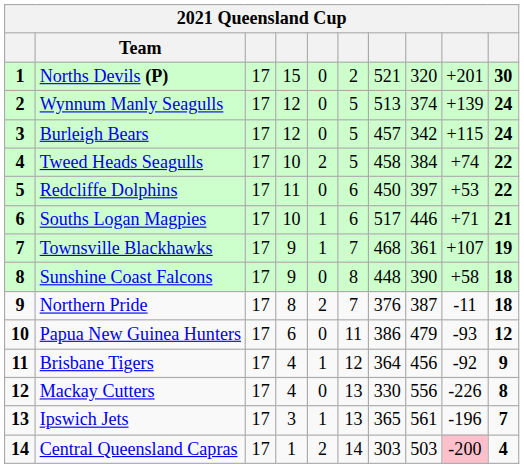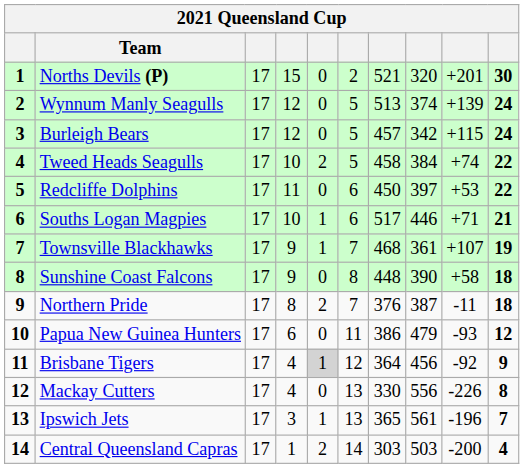 <table class="wikitable" style="text-align:center;">
 <tr>
 <th colspan="11">2021 Queensland Cup</th>
 </tr>
 <tr>
 <th width="20"></th>
 <th>Team</th>
 <th width="20"></th>
 <th width="20"></th>
 <th width="20"></th>
 <th width="20"></th>
 <th width="25"></th>
 <th width="25"></th>
 <th width="30"></th>
 <th width="20"></th>
 </tr>
 <tr style="background: #ccffcc;">
 <td><strong>1</strong></td>
 <td style="text-align:left;"> <a href='#'>Norths Devils</a> <strong>(P)</strong></td>
 <td>17</td>
 <td>15</td>
 <td>0</td>
 <td>2</td>
 <td>521</td>
 <td>320</td>
 <td>+201</td>
 <td><strong>30</strong></td>
 </tr>
 <tr style="background: #ccffcc;">
 <td><strong>2</strong></td>
 <td style="text-align:left;"> <a href='#'>Wynnum Manly Seagulls</a></td>
 <td>17</td>
 <td>12</td>
 <td>0</td>
 <td>5</td>
 <td>513</td>
 <td>374</td>
 <td>+139</td>
 <td><strong>24</strong></td>
 </tr>
 <tr style="background: #ccffcc;">
 <td><strong>3</strong></td>
 <td style="text-align:left;"> <a href='#'>Burleigh Bears</a></td>
 <td>17</td>
 <td>12</td>
 <td>0</td>
 <td>5</td>
 <td>457</td>
 <td>342</td>
 <td>+115</td>
 <td><strong>24</strong></td>
 </tr>
 <tr style="background: #ccffcc;">
 <td><strong>4</strong></td>
 <td style="text-align:left;"> <a href='#'>Tweed Heads Seagulls</a></td>
 <td>17</td>
 <td>10</td>
 <td>2</td>
 <td>5</td>
 <td>458</td>
 <td>384</td>
 <td>+74</td>
 <td><strong>22</strong></td>
 </tr>
 <tr style="background: #ccffcc;">
 <td><strong>5</strong></td>
 <td style="text-align:left;"> <a href='#'>Redcliffe Dolphins</a></td>
 <td>17</td>
 <td>11</td>
 <td>0</td>
 <td>6</td>
 <td>450</td>
 <td>397</td>
 <td>+53</td>
 <td><strong>22</strong></td>
 </tr>
 <tr style="background: #ccffcc;">
 <td><strong>6</strong></td>
 <td style="text-align:left;"> <a href='#'>Souths Logan Magpies</a></td>
 <td>17</td>
 <td>10</td>
 <td>1</td>
 <td>6</td>
 <td>517</td>
 <td>446</td>
 <td>+71</td>
 <td><strong>21</strong></td>
 </tr>
 <tr style="background: #ccffcc;">
 <td><strong>7</strong></td>
 <td style="text-align:left;"> <a href='#'>Townsville Blackhawks</a></td>
 <td>17</td>
 <td>9</td>
 <td>1</td>
 <td>7</td>
 <td>468</td>
 <td>361</td>
 <td>+107</td>
 <td><strong>19</strong></td>
 </tr>
 <tr style="background: #ccffcc;">
 <td><strong>8</strong></td>
 <td style="text-align:left;"> <a href='#'>Sunshine Coast Falcons</a></td>
 <td>17</td>
 <td>9</td>
 <td>0</td>
 <td>8</td>
 <td>448</td>
 <td>390</td>
 <td>+58</td>
 <td><strong>18</strong></td>
 </tr>
 <tr>
 <td><strong>9</strong></td>
 <td style="text-align:left;"> <a href='#'>Northern Pride</a></td>
 <td>17</td>
 <td>8</td>
 <td>2</td>
 <td>7</td>
 <td>376</td>
 <td>387</td>
 <td>-11</td>
 <td><strong>18</strong></td>
 </tr>
 <tr>
 <td><strong>10</strong></td>
 <td style="text-align:left;"> <a href='#'>Papua New Guinea Hunters</a></td>
 <td>17</td>
 <td>6</td>
 <td>0</td>
 <td>11</td>
 <td>386</td>
 <td>479</td>
 <td>-93</td>
 <td><strong>12</strong></td>
 </tr>
 <tr>
 <td><strong>11</strong></td>
 <td style="text-align:left;"> <a href='#'>Brisbane Tigers</a></td>
 <td>17</td>
 <td>4</td>
-<td>1</td>
+<td style="background: lightgrey;">1</td>
 <td>12</td>
 <td>364</td>
 <td>456</td>
 <td>-92</td>
 <td><strong>9</strong></td>
 </tr>
 <tr>
 <td><strong>12</strong></td>
 <td style="text-align:left;"> <a href='#'>Mackay Cutters</a></td>
 <td>17</td>
 <td>4</td>
 <td>0</td>
 <td>13</td>
 <td>330</td>
 <td>556</td>
 <td>-226</td>
 <td><strong>8</strong></td>
 </tr>
 <tr>
 <td><strong>13</strong></td>
 <td style="text-align:left;"> <a href='#'>Ipswich Jets</a></td>
 <td>17</td>
 <td>3</td>
 <td>1</td>
 <td>13</td>
 <td>365</td>
 <td>561</td>
 <td>-196</td>
 <td><strong>7</strong></td>
 </tr>
 <tr>
 <td><strong>14</strong></td>
 <td style="text-align:left;"> <a href='#'>Central Queensland Capras</a></td>
 <td>17</td>
 <td>1</td>
 <td>2</td>
 <td>14</td>
 <td>303</td>
 <td>503</td>
-<td style="background: pink;">-200</td>
+<td>-200</td>
 <td><strong>4</strong></td>
 </tr>
 </table>
